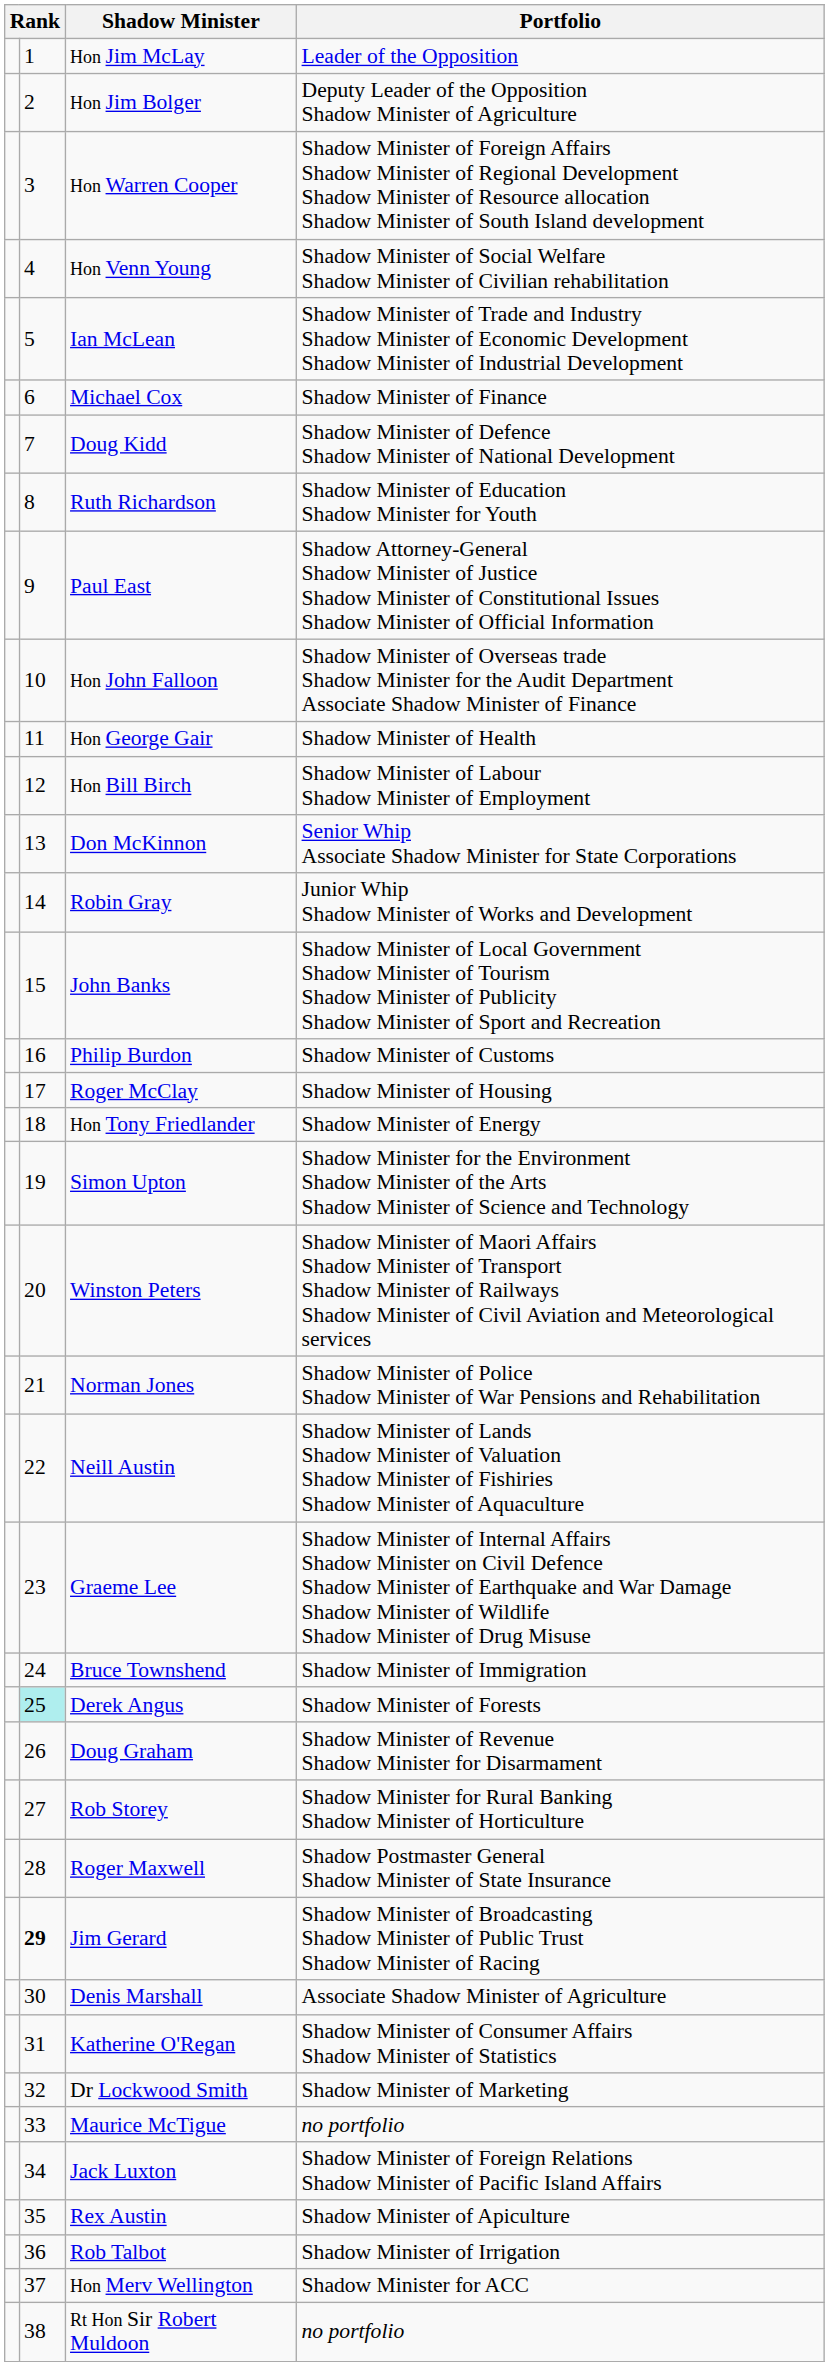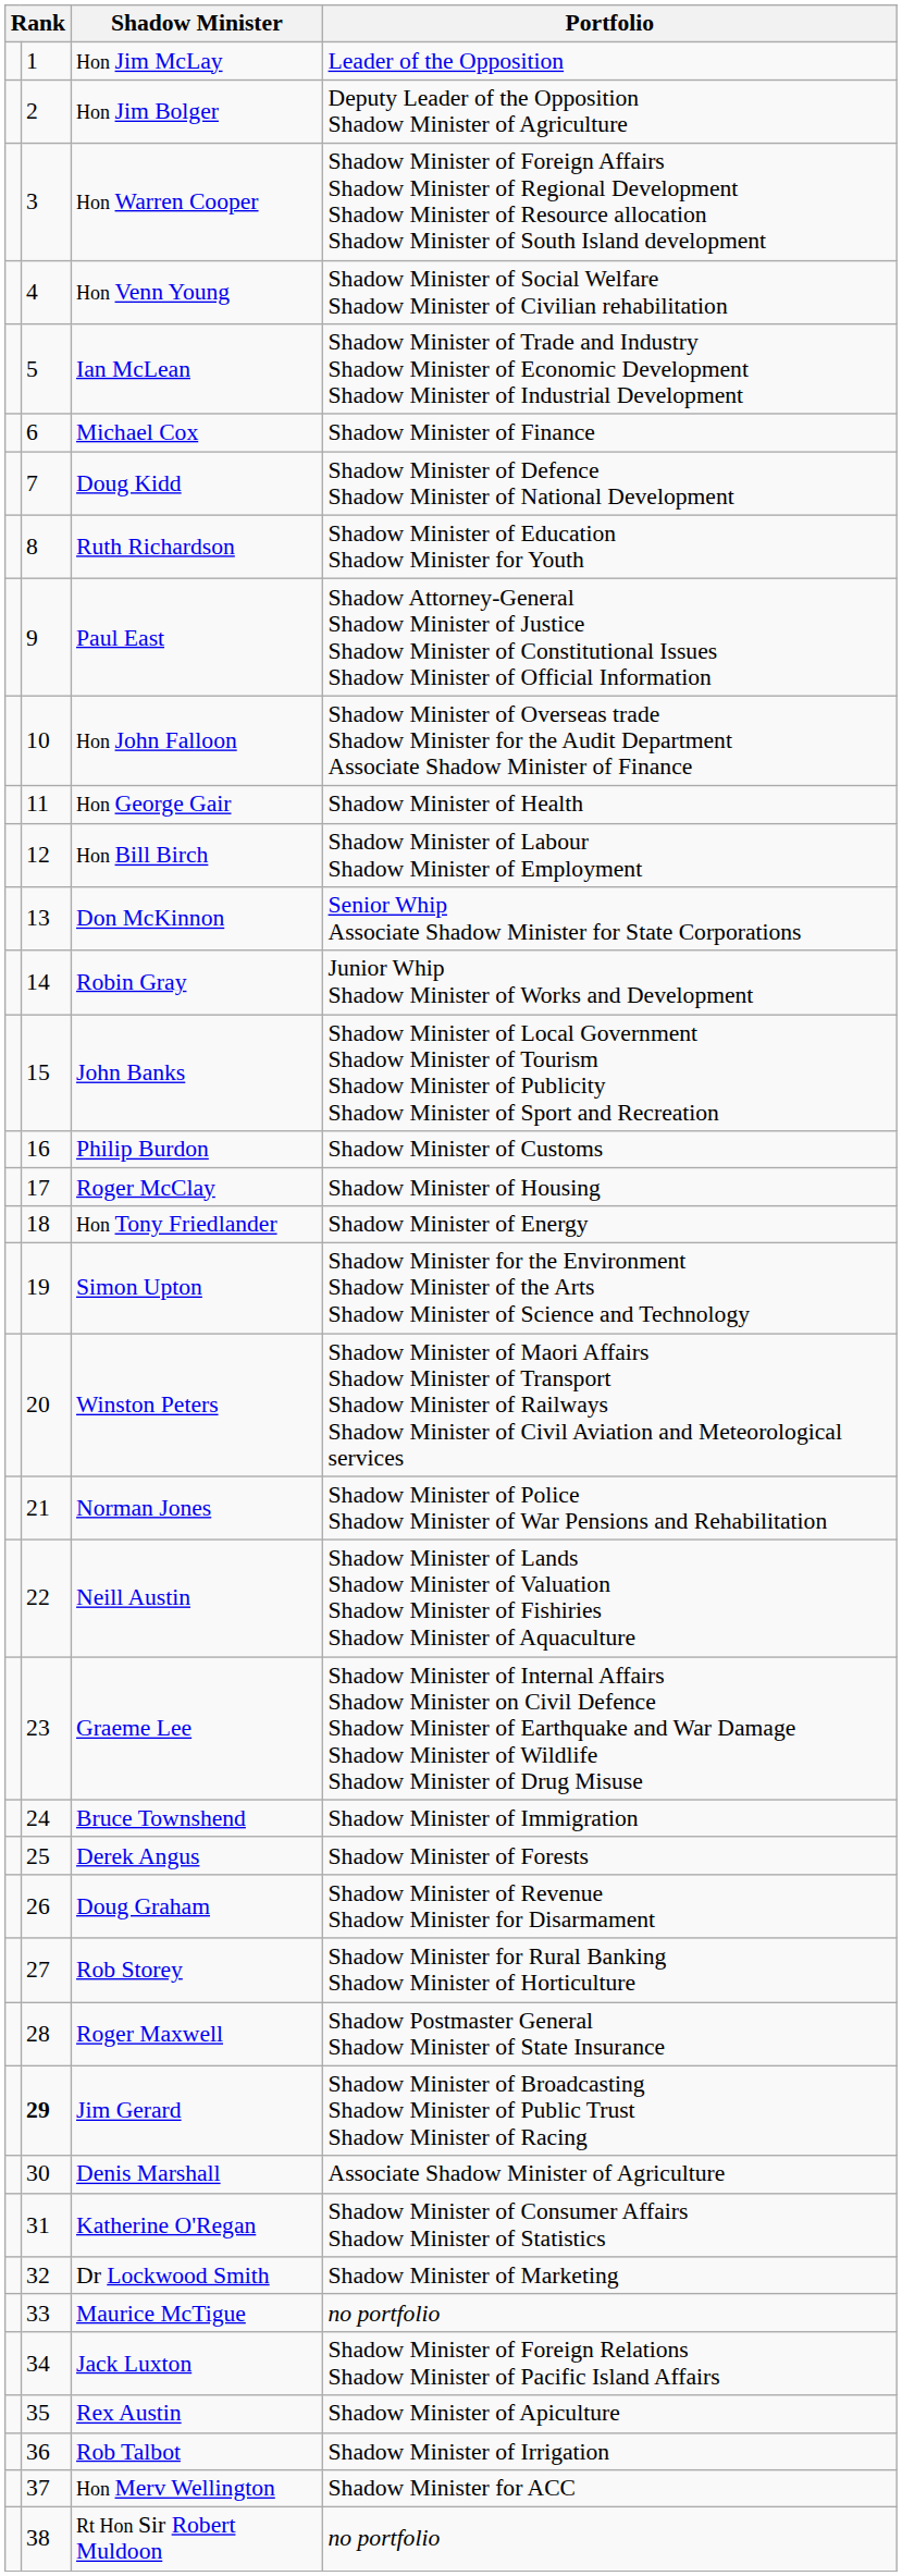 <table class="wikitable">
 <tr>
 <th colspan="2">Rank</th>
 <th>Shadow Minister</th>
 <th>Portfolio</th>
 </tr>
 <tr>
 <td bgcolor=></td>
 <td>1</td>
 <td><small>Hon </small><a href='#'>Jim McLay</a></td>
 <td><a href='#'>Leader of the Opposition</a></td>
 </tr>
 <tr>
 <td bgcolor=></td>
 <td>2</td>
 <td><small>Hon </small><a href='#'>Jim Bolger</a></td>
 <td>Deputy Leader of the Opposition<br>Shadow Minister of Agriculture</td>
 </tr>
 <tr>
 <td bgcolor=></td>
 <td>3</td>
 <td><small>Hon </small><a href='#'>Warren Cooper</a></td>
 <td>Shadow Minister of Foreign Affairs<br>Shadow Minister of Regional Development<br>Shadow Minister of Resource allocation<br>Shadow Minister of South Island development</td>
 </tr>
 <tr>
 <td bgcolor=></td>
 <td>4</td>
 <td><small>Hon </small><a href='#'>Venn Young</a></td>
 <td>Shadow Minister of Social Welfare<br>Shadow Minister of Civilian rehabilitation</td>
 </tr>
 <tr>
 <td bgcolor=></td>
 <td>5</td>
 <td><a href='#'>Ian McLean</a></td>
 <td>Shadow Minister of Trade and Industry<br>Shadow Minister of Economic Development<br>Shadow Minister of Industrial Development</td>
 </tr>
 <tr>
 <td bgcolor=></td>
 <td>6</td>
 <td><a href='#'>Michael Cox</a></td>
 <td>Shadow Minister of Finance</td>
 </tr>
 <tr>
 <td bgcolor=></td>
 <td>7</td>
 <td><a href='#'>Doug Kidd</a></td>
 <td>Shadow Minister of Defence<br>Shadow Minister of National Development</td>
 </tr>
 <tr>
 <td bgcolor=></td>
 <td>8</td>
 <td><a href='#'>Ruth Richardson</a></td>
 <td>Shadow Minister of Education<br>Shadow Minister for Youth</td>
 </tr>
 <tr>
 <td bgcolor=></td>
 <td>9</td>
 <td><a href='#'>Paul East</a></td>
 <td>Shadow Attorney-General<br>Shadow Minister of Justice<br>Shadow Minister of Constitutional Issues<br>Shadow Minister of Official Information</td>
 </tr>
 <tr>
 <td bgcolor=></td>
 <td>10</td>
 <td><small>Hon </small><a href='#'>John Falloon</a></td>
 <td>Shadow Minister of Overseas trade<br>Shadow Minister for the Audit Department<br>Associate Shadow Minister of Finance</td>
 </tr>
 <tr>
 <td bgcolor=></td>
 <td>11</td>
 <td><small>Hon </small><a href='#'>George Gair</a></td>
 <td>Shadow Minister of Health</td>
 </tr>
 <tr>
 <td bgcolor=></td>
 <td>12</td>
 <td><small>Hon </small><a href='#'>Bill Birch</a></td>
 <td>Shadow Minister of Labour<br>Shadow Minister of Employment</td>
 </tr>
 <tr>
 <td bgcolor=></td>
 <td>13</td>
 <td><a href='#'>Don McKinnon</a></td>
 <td><a href='#'>Senior Whip</a><br>Associate Shadow Minister for State Corporations</td>
 </tr>
 <tr>
 <td bgcolor=></td>
 <td>14</td>
 <td><a href='#'>Robin Gray</a></td>
 <td>Junior Whip<br>Shadow Minister of Works and Development</td>
 </tr>
 <tr>
 <td bgcolor=></td>
 <td>15</td>
 <td><a href='#'>John Banks</a></td>
 <td>Shadow Minister of Local Government<br>Shadow Minister of Tourism<br>Shadow Minister of Publicity<br>Shadow Minister of Sport and Recreation</td>
 </tr>
 <tr>
 <td bgcolor=></td>
 <td>16</td>
 <td><a href='#'>Philip Burdon</a></td>
 <td>Shadow Minister of Customs</td>
 </tr>
 <tr>
 <td bgcolor=></td>
 <td>17</td>
 <td><a href='#'>Roger McClay</a></td>
 <td>Shadow Minister of Housing</td>
 </tr>
 <tr>
 <td bgcolor=></td>
 <td>18</td>
 <td><small>Hon </small><a href='#'>Tony Friedlander</a></td>
 <td>Shadow Minister of Energy</td>
 </tr>
 <tr>
 <td bgcolor=></td>
 <td>19</td>
 <td><a href='#'>Simon Upton</a></td>
 <td>Shadow Minister for the Environment<br>Shadow Minister of the Arts<br>Shadow Minister of Science and Technology</td>
 </tr>
 <tr>
 <td bgcolor=></td>
 <td>20</td>
 <td><a href='#'>Winston Peters</a></td>
 <td>Shadow Minister of Maori Affairs<br>Shadow Minister of Transport<br>Shadow Minister of Railways<br>Shadow Minister of Civil Aviation and Meteorological services</td>
 </tr>
 <tr>
 <td bgcolor=></td>
 <td>21</td>
 <td><a href='#'>Norman Jones</a></td>
 <td>Shadow Minister of Police<br>Shadow Minister of War Pensions and Rehabilitation</td>
 </tr>
 <tr>
 <td bgcolor=></td>
 <td>22</td>
 <td><a href='#'>Neill Austin</a></td>
 <td>Shadow Minister of Lands<br>Shadow Minister of Valuation<br>Shadow Minister of Fishiries<br>Shadow Minister of Aquaculture</td>
 </tr>
 <tr>
 <td bgcolor=></td>
 <td>23</td>
 <td><a href='#'>Graeme Lee</a></td>
 <td>Shadow Minister of Internal Affairs<br>Shadow Minister on Civil Defence<br>Shadow Minister of Earthquake and War Damage<br>Shadow Minister of Wildlife<br>Shadow Minister of Drug Misuse</td>
 </tr>
 <tr>
 <td bgcolor=></td>
 <td>24</td>
 <td><a href='#'>Bruce Townshend</a></td>
 <td>Shadow Minister of Immigration</td>
 </tr>
 <tr>
 <td bgcolor=></td>
-<td style="background: paleturquoise;">25</td>
+<td>25</td>
 <td><a href='#'>Derek Angus</a></td>
 <td>Shadow Minister of Forests</td>
 </tr>
 <tr>
 <td bgcolor=></td>
 <td>26</td>
 <td><a href='#'>Doug Graham</a></td>
 <td>Shadow Minister of Revenue<br>Shadow Minister for Disarmament</td>
 </tr>
 <tr>
 <td bgcolor=></td>
 <td>27</td>
 <td><a href='#'>Rob Storey</a></td>
 <td>Shadow Minister for Rural Banking<br>Shadow Minister of Horticulture</td>
 </tr>
 <tr>
 <td bgcolor=></td>
 <td>28</td>
 <td><a href='#'>Roger Maxwell</a></td>
 <td>Shadow Postmaster General<br>Shadow Minister of State Insurance</td>
 </tr>
 <tr>
 <td bgcolor=></td>
 <td><strong>29</strong></td>
 <td><a href='#'>Jim Gerard</a></td>
 <td>Shadow Minister of Broadcasting<br>Shadow Minister of Public Trust<br>Shadow Minister of Racing</td>
 </tr>
 <tr>
 <td bgcolor=></td>
 <td>30</td>
 <td><a href='#'>Denis Marshall</a></td>
 <td>Associate Shadow Minister of Agriculture</td>
 </tr>
 <tr>
 <td bgcolor=></td>
 <td>31</td>
 <td><a href='#'>Katherine O'Regan</a></td>
 <td>Shadow Minister of Consumer Affairs<br>Shadow Minister of Statistics</td>
 </tr>
 <tr>
 <td bgcolor=></td>
 <td>32</td>
 <td>Dr <a href='#'>Lockwood Smith</a></td>
 <td>Shadow Minister of Marketing</td>
 </tr>
 <tr>
 <td bgcolor=></td>
 <td>33</td>
 <td><a href='#'>Maurice McTigue</a></td>
 <td><em>no portfolio</em></td>
 </tr>
 <tr>
 <td bgcolor=></td>
 <td>34</td>
 <td><a href='#'>Jack Luxton</a></td>
 <td>Shadow Minister of Foreign Relations<br>Shadow Minister of Pacific Island Affairs</td>
 </tr>
 <tr>
 <td bgcolor=></td>
 <td>35</td>
 <td><a href='#'>Rex Austin</a></td>
 <td>Shadow Minister of Apiculture</td>
 </tr>
 <tr>
 <td bgcolor=></td>
 <td>36</td>
 <td><a href='#'>Rob Talbot</a></td>
 <td>Shadow Minister of Irrigation</td>
 </tr>
 <tr>
 <td bgcolor=></td>
 <td>37</td>
 <td><small>Hon </small><a href='#'>Merv Wellington</a></td>
 <td>Shadow Minister for ACC</td>
 </tr>
 <tr>
 <td bgcolor=></td>
 <td>38</td>
 <td><small>Rt Hon </small>Sir <a href='#'>Robert Muldoon</a></td>
 <td><em>no portfolio</em></td>
 </tr>
 <tr>
 </tr>
 </table>
